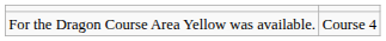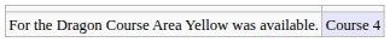 <table class="wikitable" style="text-align:center;">
 <tr>
 <td></td>
 <td></td>
 </tr>
 <tr>
 <td>For the Dragon Course Area Yellow was available.</td>
-<td>Course 4</td>
+<td style="background: lavender;">Course 4</td>
 </tr>
 </table>
